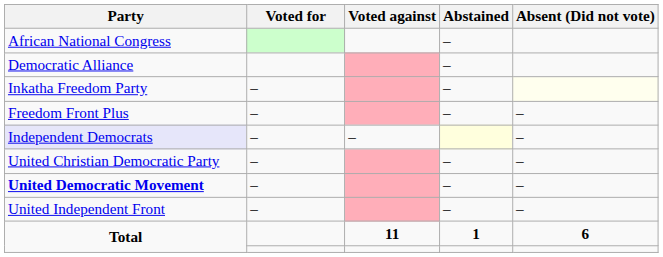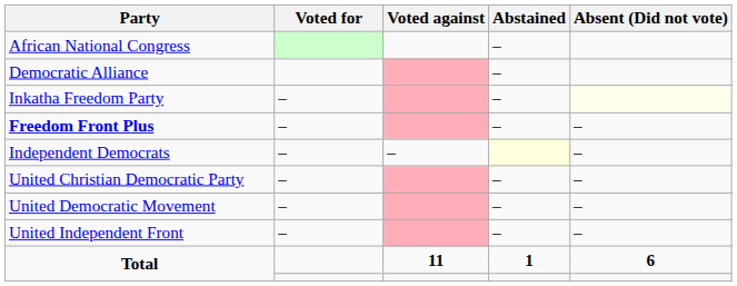 <table class="wikitable">
 <tr>
 <th style="width:37.05%;">Party</th>
 <th style="width:15%;">Voted for</th>
 <th>Voted against</th>
 <th>Abstained</th>
 <th>Absent (Did not vote)</th>
 </tr>
 <tr>
 <td> <a href='#'>African National Congress</a></td>
 <td style="background-color:#CCFFCC;"></td>
 <td></td>
 <td>–</td>
 <td></td>
 </tr>
 <tr>
 <td> <a href='#'>Democratic Alliance</a></td>
 <td></td>
 <td style="background-color:#FFAEB9;"></td>
 <td>–</td>
 <td></td>
 </tr>
 <tr>
 <td> <a href='#'>Inkatha Freedom Party</a></td>
 <td>–</td>
 <td style="background-color:#FFAEB9;"></td>
 <td>–</td>
 <td style="background-color:#FFE;"></td>
 </tr>
 <tr>
-<td> <a href='#'>Freedom Front Plus</a></td>
+<td><strong> <a href='#'>Freedom Front Plus</a></strong></td>
 <td>–</td>
 <td style="background-color:#FFAEB9;"></td>
 <td>–</td>
 <td>–</td>
 </tr>
 <tr>
-<td style="background: lavender;"> <a href='#'>Independent Democrats</a></td>
+<td> <a href='#'>Independent Democrats</a></td>
 <td>–</td>
 <td>–</td>
 <td style="background-color:#FFD;"></td>
 <td>–</td>
 </tr>
 <tr>
 <td> <a href='#'>United Christian Democratic Party</a></td>
 <td>–</td>
 <td style="background-color:#FFAEB9;"></td>
 <td>–</td>
 <td>–</td>
 </tr>
 <tr>
-<td><strong> <a href='#'>United Democratic Movement</a></strong></td>
+<td> <a href='#'>United Democratic Movement</a></td>
 <td>–</td>
 <td style="background-color:#FFAEB9;"></td>
 <td>–</td>
 <td>–</td>
 </tr>
 <tr>
 <td> <a href='#'>United Independent Front</a></td>
 <td>–</td>
 <td style="background-color:#FFAEB9;"></td>
 <td>–</td>
 <td>–</td>
 </tr>
 <tr>
 <td style="text-align:center;" rowspan="2"><strong>Total</strong></td>
 <td></td>
 <td style="text-align:center;"><strong>11</strong></td>
 <td style="text-align:center;"><strong>1</strong></td>
 <td style="text-align:center;"><strong>6</strong></td>
 </tr>
 <tr>
 <td style="text-align:center;"></td>
 <td style="text-align:center;"></td>
 <td style="text-align:center;"></td>
 <td style="text-align:center;"></td>
 </tr>
 </table>
